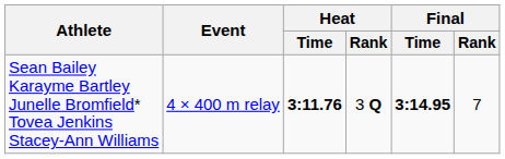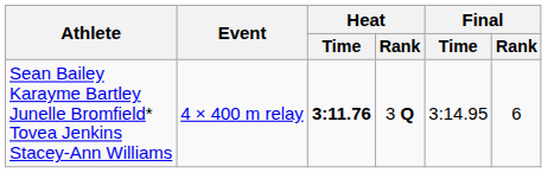 <table class=wikitable style=font-size:90%;text-align:center>
 <tr>
 <th rowspan=2>Athlete</th>
 <th rowspan=2>Event</th>
 <th colspan=2>Heat</th>
 <th colspan=2>Final</th>
 </tr>
 <tr style=font-size:95%>
 <th>Time</th>
 <th>Rank</th>
 <th>Time</th>
 <th>Rank</th>
 </tr>
 <tr>
 <td align=left><a href='#'>Sean Bailey</a><br><a href='#'>Karayme Bartley</a><br><a href='#'>Junelle Bromfield</a>*<br><a href='#'>Tovea Jenkins</a><br><a href='#'>Stacey-Ann Williams</a></td>
 <td align=left><a href='#'>4 × 400 m relay</a></td>
 <td><strong>3:11.76</strong></td>
 <td>3 <strong>Q</strong></td>
-<td><strong>3:14.95</strong></td>
-<td>7</td>
+<td>3:14.95</td>
+<td>6</td>
 </tr>
 </table>
